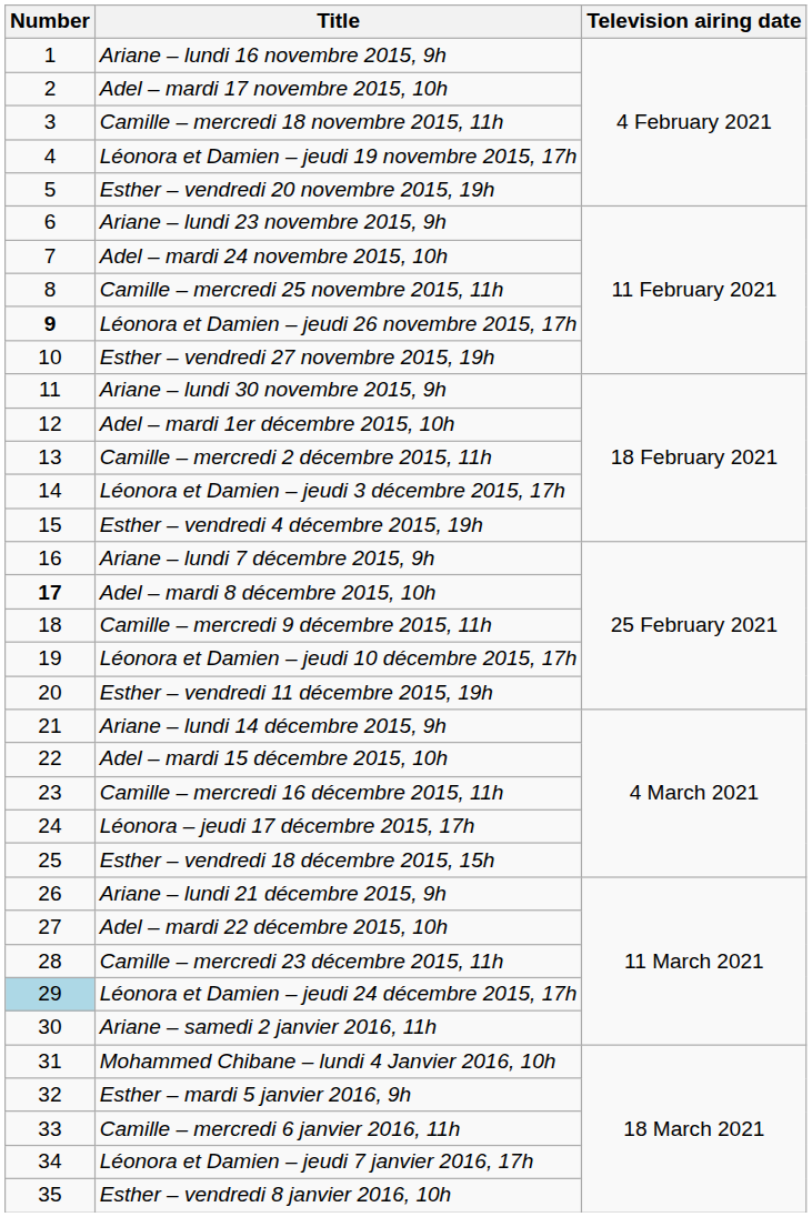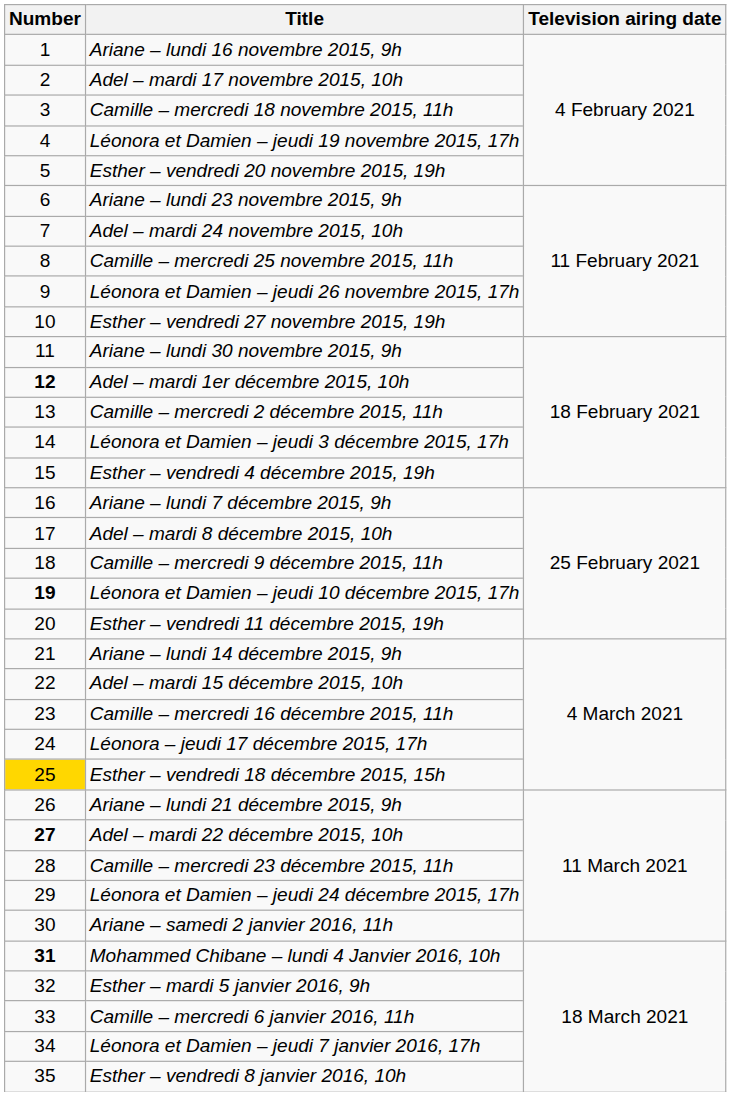 <table class="wikitable">
 <tr>
 <th>Number</th>
 <th>Title</th>
 <th>Television airing date</th>
 </tr>
 <tr>
 <td style="text-align: center;">1</td>
 <td><em>Ariane – lundi 16 novembre 2015, 9h</em></td>
 <td rowspan="5" style="text-align: center;">4 February 2021</td>
 </tr>
 <tr>
 <td style="text-align: center;">2</td>
 <td><em>Adel – mardi 17 novembre 2015, 10h</em></td>
 </tr>
 <tr>
 <td style="text-align: center;">3</td>
 <td><em>Camille – mercredi 18 novembre 2015, 11h</em></td>
 </tr>
 <tr>
 <td style="text-align: center;">4</td>
 <td><em>Léonora et Damien – jeudi 19 novembre 2015, 17h</em></td>
 </tr>
 <tr>
 <td style="text-align: center;">5</td>
 <td><em>Esther – vendredi 20 novembre 2015, 19h</em></td>
 </tr>
 <tr>
 <td style="text-align: center;">6</td>
 <td><em>Ariane – lundi 23 novembre 2015, 9h</em></td>
 <td rowspan="5" style="text-align: center;">11 February 2021</td>
 </tr>
 <tr>
 <td style="text-align: center;">7</td>
 <td><em>Adel – mardi 24 novembre 2015, 10h</em></td>
 </tr>
 <tr>
 <td style="text-align: center;">8</td>
 <td><em>Camille – mercredi 25 novembre 2015, 11h</em></td>
 </tr>
 <tr>
-<td style="text-align: center;"><strong>9</strong></td>
+<td style="text-align: center;">9</td>
 <td><em>Léonora et Damien – jeudi 26 novembre 2015, 17h</em></td>
 </tr>
 <tr>
 <td style="text-align: center;">10</td>
 <td><em>Esther – vendredi 27 novembre 2015, 19h</em></td>
 </tr>
 <tr>
 <td style="text-align: center;">11</td>
 <td><em>Ariane – lundi 30 novembre 2015, 9h</em></td>
 <td rowspan="5" style="text-align: center;">18 February 2021</td>
 </tr>
 <tr>
-<td style="text-align: center;">12</td>
+<td style="text-align: center;"><strong>12</strong></td>
 <td><em>Adel – mardi 1er décembre 2015, 10h</em></td>
 </tr>
 <tr>
 <td style="text-align: center;">13</td>
 <td><em>Camille – mercredi 2 décembre 2015, 11h</em></td>
 </tr>
 <tr>
 <td style="text-align: center;">14</td>
 <td><em>Léonora et Damien – jeudi 3 décembre 2015, 17h</em></td>
 </tr>
 <tr>
 <td style="text-align: center;">15</td>
 <td><em>Esther – vendredi 4 décembre 2015, 19h</em></td>
 </tr>
 <tr>
 <td style="text-align: center;">16</td>
 <td><em>Ariane – lundi 7 décembre 2015, 9h</em></td>
 <td rowspan="5" style="text-align: center;">25 February 2021</td>
 </tr>
 <tr>
-<td style="text-align: center;"><strong>17</strong></td>
+<td style="text-align: center;">17</td>
 <td><em>Adel – mardi 8 décembre 2015, 10h</em></td>
 </tr>
 <tr>
 <td style="text-align: center;">18</td>
 <td><em>Camille – mercredi 9 décembre 2015, 11h</em></td>
 </tr>
 <tr>
-<td style="text-align: center;">19</td>
+<td style="text-align: center;"><strong>19</strong></td>
 <td><em>Léonora et Damien – jeudi 10 décembre 2015, 17h</em></td>
 </tr>
 <tr>
 <td style="text-align: center;">20</td>
 <td><em>Esther – vendredi 11 décembre 2015, 19h</em></td>
 </tr>
 <tr>
 <td style="text-align: center;">21</td>
 <td><em>Ariane – lundi 14 décembre 2015, 9h</em></td>
 <td rowspan="5" style="text-align: center;">4 March 2021</td>
 </tr>
 <tr>
 <td style="text-align: center;">22</td>
 <td><em>Adel – mardi 15 décembre 2015, 10h</em></td>
 </tr>
 <tr>
 <td style="text-align: center;">23</td>
 <td><em>Camille – mercredi 16 décembre 2015, 11h</em></td>
 </tr>
 <tr>
 <td style="text-align: center;">24</td>
 <td><em>Léonora – jeudi 17 décembre 2015, 17h</em></td>
 </tr>
 <tr>
-<td style="text-align: center;">25</td>
+<td style="background: gold; text-align: center;">25</td>
 <td><em>Esther – vendredi 18 décembre 2015, 15h</em></td>
 </tr>
 <tr>
 <td style="text-align: center;">26</td>
 <td><em>Ariane – lundi 21 décembre 2015, 9h</em></td>
 <td rowspan="5" style="text-align: center;">11 March 2021</td>
 </tr>
 <tr>
-<td style="text-align: center;">27</td>
+<td style="text-align: center;"><strong>27</strong></td>
 <td><em>Adel – mardi 22 décembre 2015, 10h</em></td>
 </tr>
 <tr>
 <td style="text-align: center;">28</td>
 <td><em>Camille – mercredi 23 décembre 2015, 11h</em></td>
 </tr>
 <tr>
-<td style="background: lightblue; text-align: center;">29</td>
+<td style="text-align: center;">29</td>
 <td><em>Léonora et Damien – jeudi 24 décembre 2015, 17h</em></td>
 </tr>
 <tr>
 <td style="text-align: center;">30</td>
 <td><em>Ariane – samedi 2 janvier 2016, 11h</em></td>
 </tr>
 <tr>
-<td style="text-align: center;">31</td>
+<td style="text-align: center;"><strong>31</strong></td>
 <td><em>Mohammed Chibane – lundi 4 Janvier 2016, 10h</em></td>
 <td rowspan="5" style="text-align: center;">18 March 2021</td>
 </tr>
 <tr>
 <td style="text-align: center;">32</td>
 <td><em>Esther – mardi 5 janvier 2016, 9h</em></td>
 </tr>
 <tr>
 <td style="text-align: center;">33</td>
 <td><em>Camille – mercredi 6 janvier 2016, 11h</em></td>
 </tr>
 <tr>
 <td style="text-align: center;">34</td>
 <td><em>Léonora et Damien – jeudi 7 janvier 2016, 17h</em></td>
 </tr>
 <tr>
 <td style="text-align: center;">35</td>
 <td><em>Esther – vendredi 8 janvier 2016, 10h</em></td>
 </tr>
 </table>
